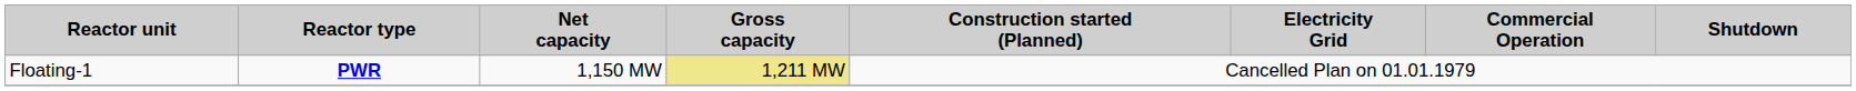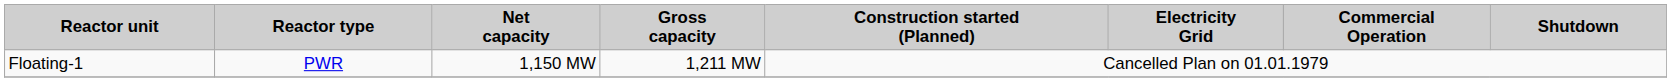 <table class="wikitable" style="width:100%;">
 <tr>
 <th style="width=21%; background:#CFCFCF;">Reactor unit</th>
 <th style="width=22%; background:#CFCFCF;">Reactor type</th>
 <th style="width=08%; background:#CFCFCF;">Net<br>capacity</th>
 <th style="width=08%; background:#CFCFCF;">Gross<br>capacity</th>
 <th style="width=10%; background:#CFCFCF;">Construction started<br>(Planned)</th>
 <th style="width=11%; background:#CFCFCF;">Electricity<br>Grid</th>
 <th style="width=11%; background:#CFCFCF;">Commercial<br>Operation</th>
 <th style="width=15%; background:#CFCFCF;">Shutdown</th>
 </tr>
 <tr>
 <td>Floating-1</td>
-<td align="center"><strong><a href='#'>PWR</a></strong></td>
+<td align="center"><a href='#'>PWR</a></td>
 <td align="right">1,150 MW</td>
-<td align="right" style="background: khaki;">1,211 MW</td>
+<td align="right">1,211 MW</td>
 <td colspan="4" align="center">Cancelled Plan on 01.01.1979</td>
 </tr>
 <tr>
 </tr>
 </table>
